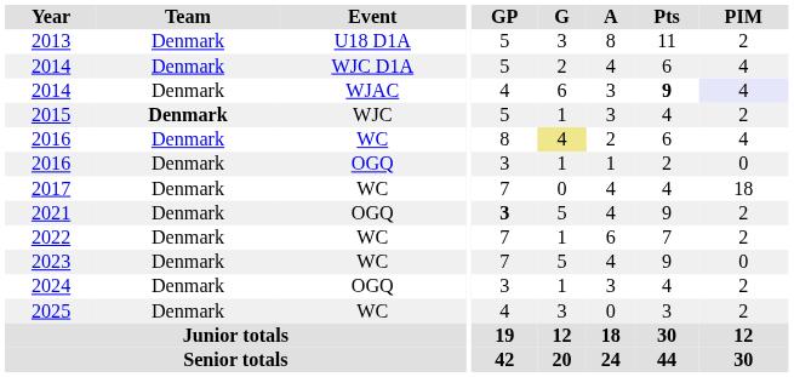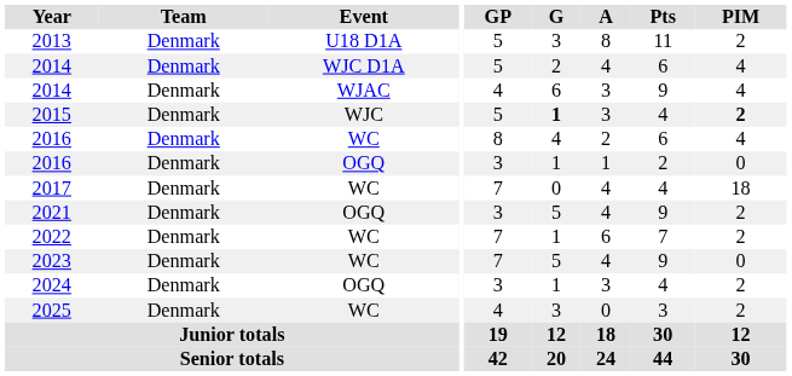 <table border="0" cellpadding="1" cellspacing="0" ID="Table3" style="text-align:center; width:40em;">
 <tr bgcolor="#e0e0e0">
 <th>Year</th>
 <th>Team</th>
 <th>Event</th>
 <th rowspan="102" bgcolor="#ffffff"></th>
 <th>GP</th>
 <th>G</th>
 <th>A</th>
 <th>Pts</th>
 <th>PIM</th>
 </tr>
 <tr>
 <td><a href='#'>2013</a></td>
 <td><a href='#'>Denmark</a></td>
 <td><a href='#'>U18 D1A</a></td>
 <td>5</td>
 <td>3</td>
 <td>8</td>
 <td>11</td>
 <td>2</td>
 </tr>
 <tr bgcolor="#f0f0f0">
 <td><a href='#'>2014</a></td>
 <td><a href='#'>Denmark</a></td>
 <td><a href='#'>WJC D1A</a></td>
 <td>5</td>
 <td>2</td>
 <td>4</td>
 <td>6</td>
 <td>4</td>
 </tr>
 <tr>
 <td><a href='#'>2014</a></td>
 <td>Denmark</td>
 <td><a href='#'>WJAC</a></td>
 <td>4</td>
 <td>6</td>
 <td>3</td>
-<td><strong>9</strong></td>
-<td style="background: lavender;">4</td>
+<td>9</td>
+<td>4</td>
 </tr>
 <tr bgcolor="#f0f0f0">
 <td><a href='#'>2015</a></td>
-<td><strong>Denmark</strong></td>
+<td>Denmark</td>
 <td>WJC</td>
 <td>5</td>
-<td>1</td>
+<td><strong>1</strong></td>
 <td>3</td>
 <td>4</td>
-<td>2</td>
+<td><strong>2</strong></td>
 </tr>
 <tr>
 <td><a href='#'>2016</a></td>
 <td><a href='#'>Denmark</a></td>
 <td><a href='#'>WC</a></td>
 <td>8</td>
-<td style="background: khaki;">4</td>
+<td>4</td>
 <td>2</td>
 <td>6</td>
 <td>4</td>
 </tr>
 <tr bgcolor="#f0f0f0">
 <td><a href='#'>2016</a></td>
 <td>Denmark</td>
 <td><a href='#'>OGQ</a></td>
 <td>3</td>
 <td>1</td>
 <td>1</td>
 <td>2</td>
 <td>0</td>
 </tr>
 <tr>
 <td><a href='#'>2017</a></td>
 <td>Denmark</td>
 <td>WC</td>
 <td>7</td>
 <td>0</td>
 <td>4</td>
 <td>4</td>
 <td>18</td>
 </tr>
 <tr bgcolor="#f0f0f0">
 <td><a href='#'>2021</a></td>
 <td>Denmark</td>
 <td>OGQ</td>
-<td><strong>3</strong></td>
+<td>3</td>
 <td>5</td>
 <td>4</td>
 <td>9</td>
 <td>2</td>
 </tr>
 <tr>
 <td><a href='#'>2022</a></td>
 <td>Denmark</td>
 <td>WC</td>
 <td>7</td>
 <td>1</td>
 <td>6</td>
 <td>7</td>
 <td>2</td>
 </tr>
 <tr bgcolor="#f0f0f0">
 <td><a href='#'>2023</a></td>
 <td>Denmark</td>
 <td>WC</td>
 <td>7</td>
 <td>5</td>
 <td>4</td>
 <td>9</td>
 <td>0</td>
 </tr>
 <tr>
 <td><a href='#'>2024</a></td>
 <td>Denmark</td>
 <td>OGQ</td>
 <td>3</td>
 <td>1</td>
 <td>3</td>
 <td>4</td>
 <td>2</td>
 </tr>
 <tr bgcolor="#f0f0f0">
 <td><a href='#'>2025</a></td>
 <td>Denmark</td>
 <td>WC</td>
 <td>4</td>
 <td>3</td>
 <td>0</td>
 <td>3</td>
 <td>2</td>
 </tr>
 <tr bgcolor="#e0e0e0">
 <th colspan="3">Junior totals</th>
 <th>19</th>
 <th>12</th>
 <th>18</th>
 <th>30</th>
 <th>12</th>
 </tr>
 <tr bgcolor="#e0e0e0">
 <th colspan="3">Senior totals</th>
 <th>42</th>
 <th>20</th>
 <th>24</th>
 <th>44</th>
 <th>30</th>
 </tr>
 </table>
